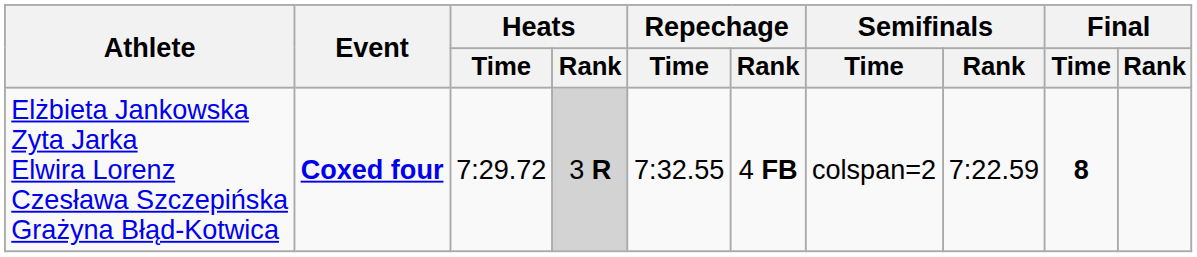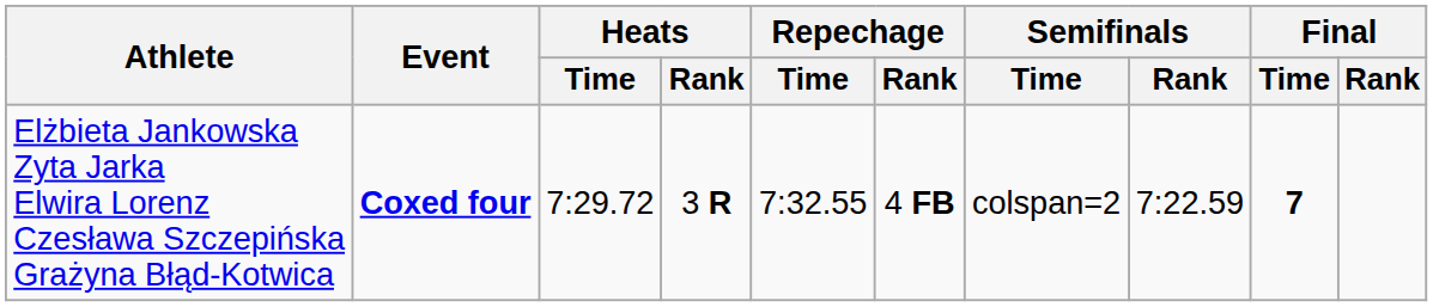 <table class="wikitable" style="font-size:90%">
 <tr>
 <th rowspan="2">Athlete</th>
 <th rowspan="2">Event</th>
 <th colspan="2">Heats</th>
 <th colspan="2">Repechage</th>
 <th colspan="2">Semifinals</th>
 <th colspan="2">Final</th>
 </tr>
 <tr style="font-size:95%">
 <th>Time</th>
 <th>Rank</th>
 <th>Time</th>
 <th>Rank</th>
 <th>Time</th>
 <th>Rank</th>
 <th>Time</th>
 <th>Rank</th>
 </tr>
 <tr align=center>
 <td align=left><a href='#'>Elżbieta Jankowska</a><br><a href='#'>Zyta Jarka</a><br><a href='#'>Elwira Lorenz</a> <br><a href='#'>Czesława Szczepińska</a> <br><a href='#'>Grażyna Błąd-Kotwica</a></td>
 <td align=left><strong><a href='#'>Coxed four</a></strong></td>
 <td>7:29.72</td>
-<td style="background: lightgrey;">3 <strong>R</strong></td>
+<td>3 <strong>R</strong></td>
 <td>7:32.55</td>
 <td>4 <strong>FB</strong></td>
 <td>colspan=2 </td>
 <td>7:22.59</td>
-<td><strong>8</strong></td>
+<td><strong>7</strong></td>
 </tr>
 </table>
